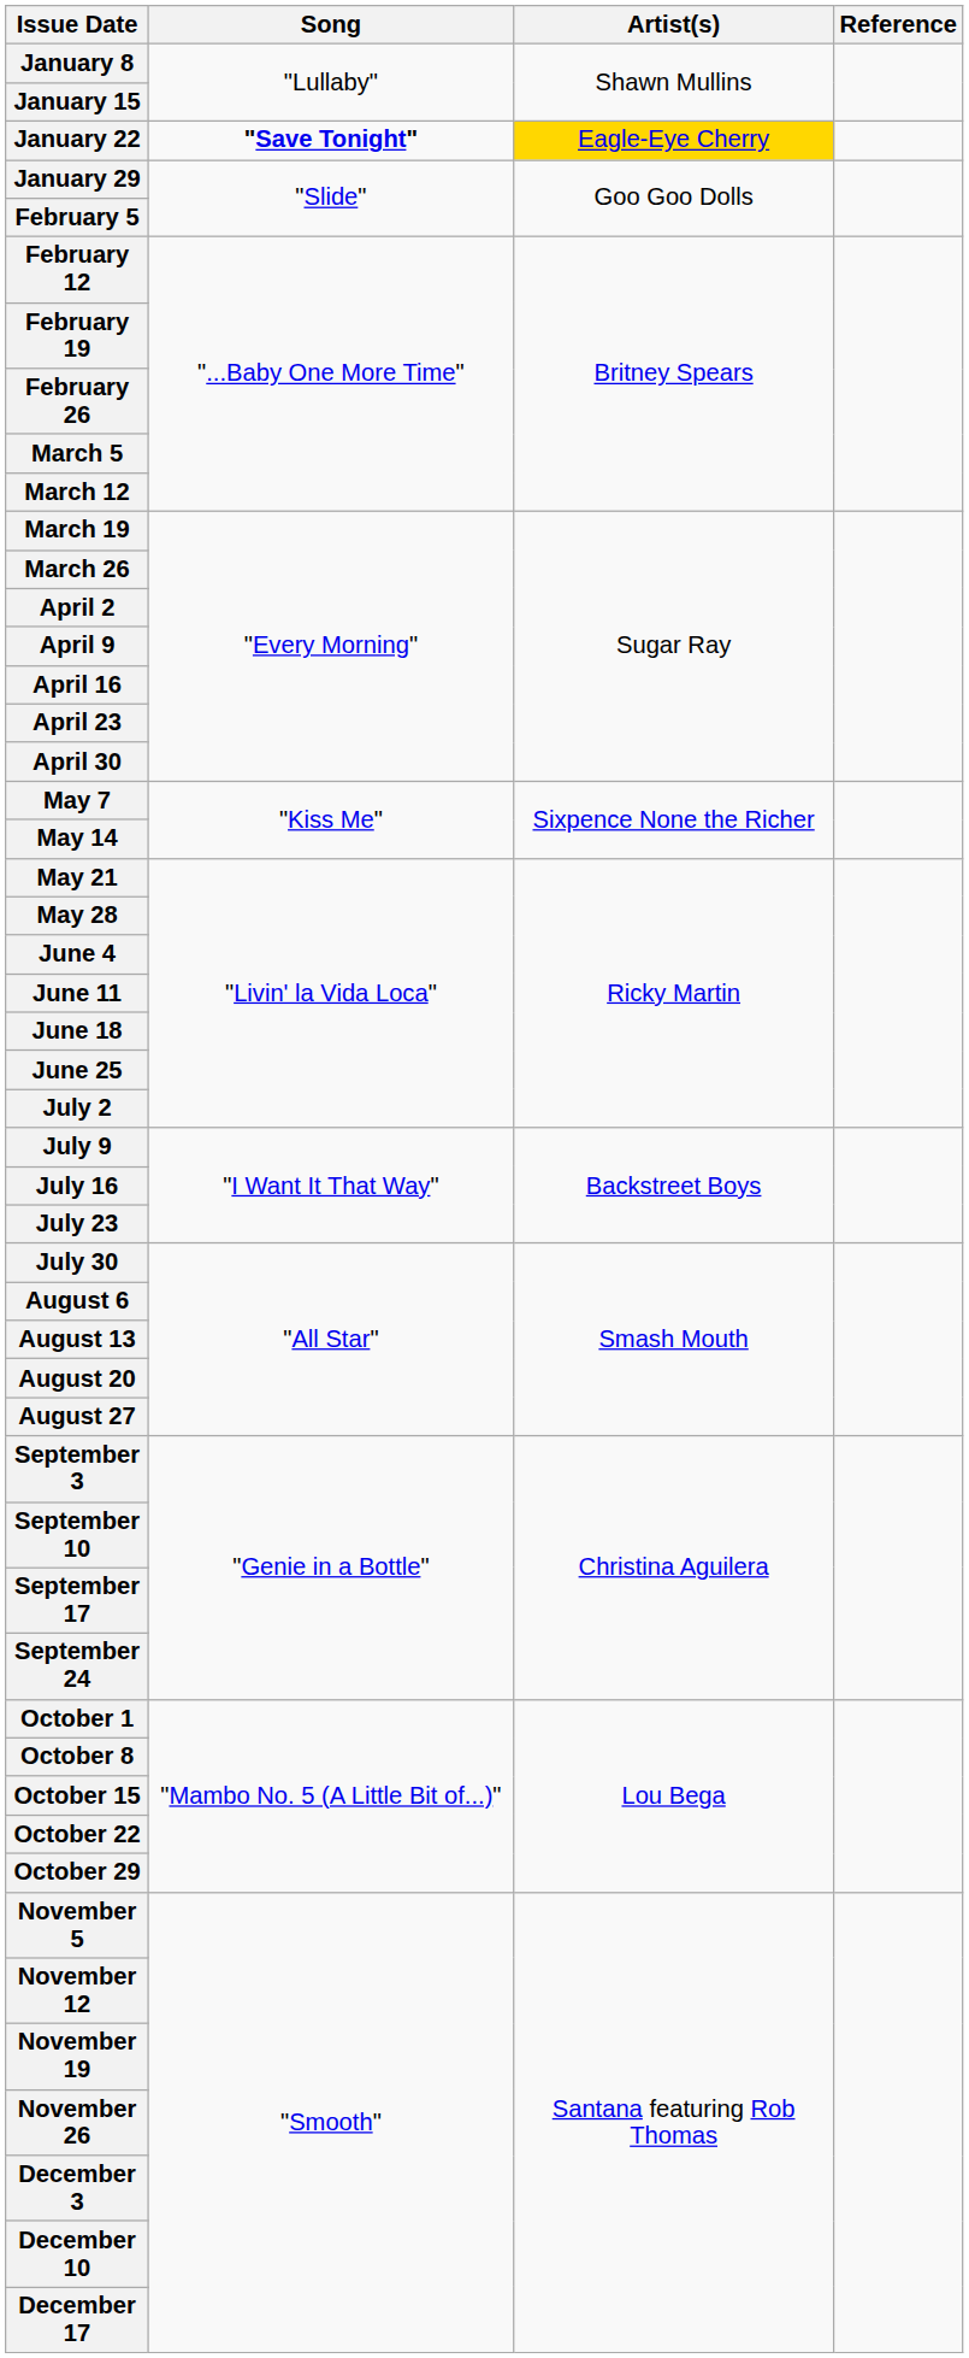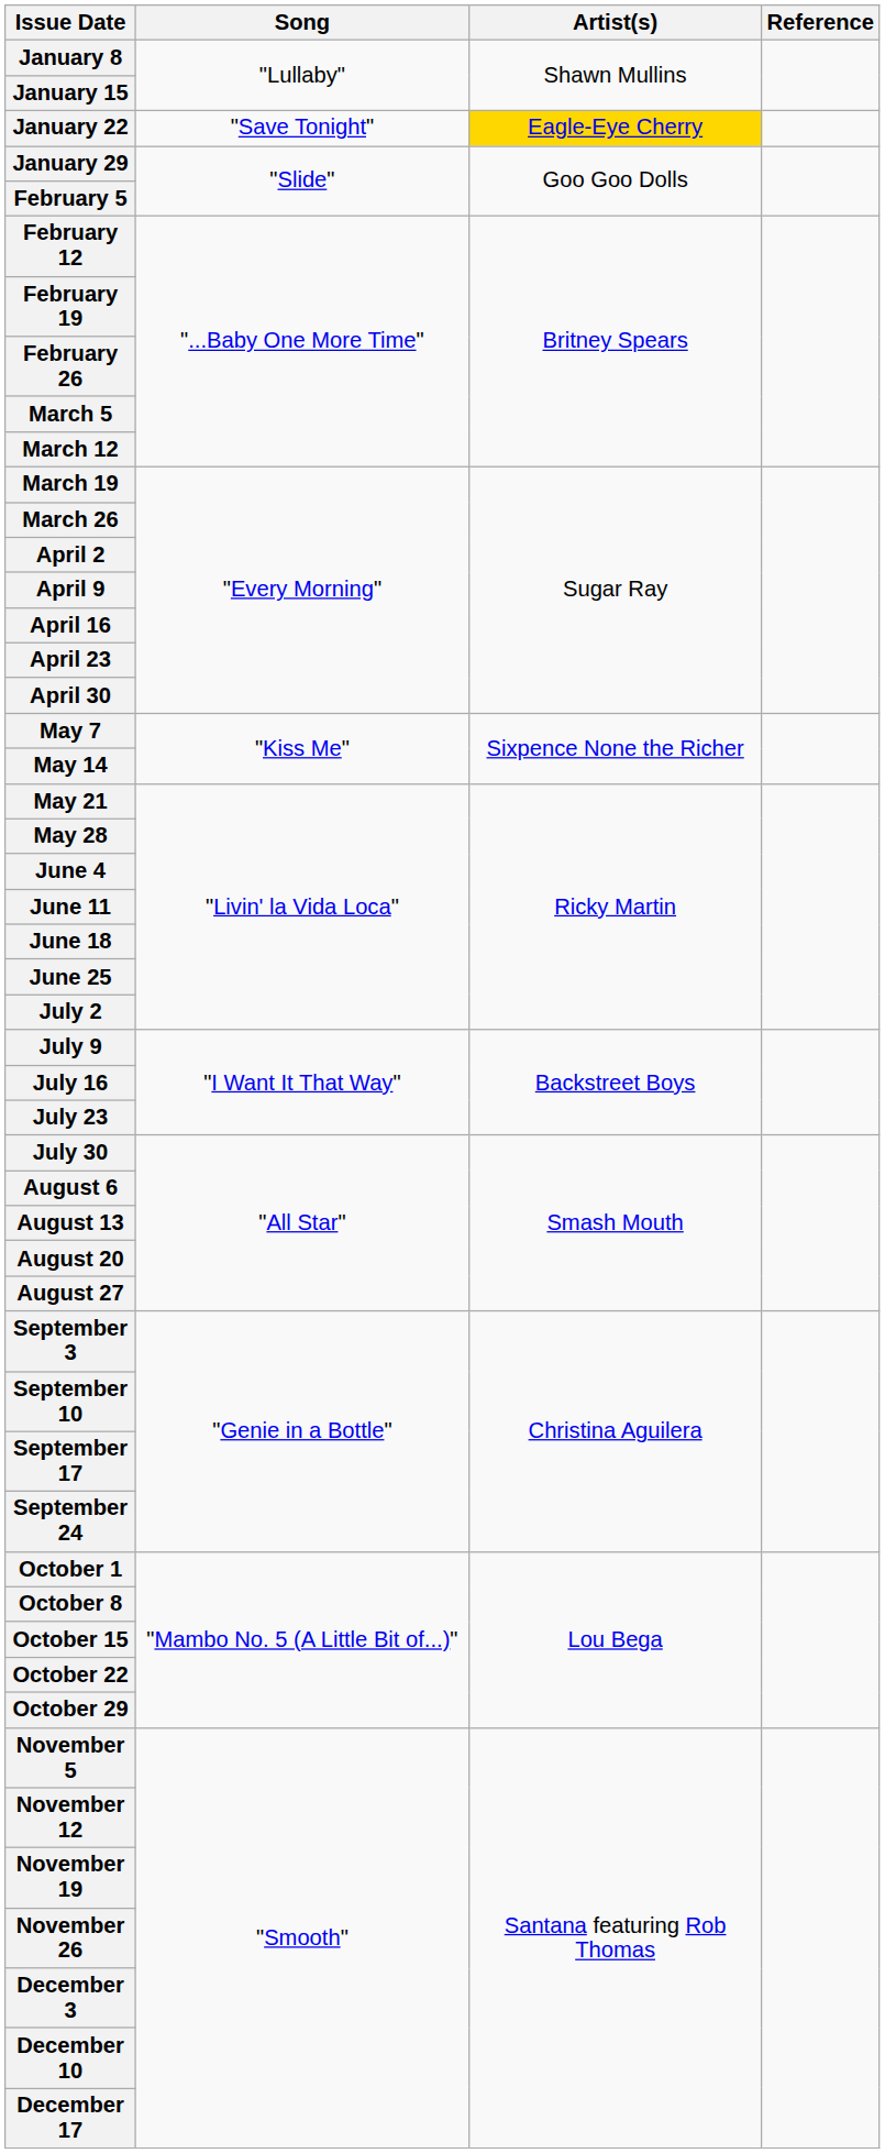 <table class="wikitable plainrowheaders" style="text-align: center" width="50%">
 <tr>
 <th width=15%>Issue Date</th>
 <th width=40%>Song</th>
 <th width=35%>Artist(s)</th>
 <th width=10%>Reference</th>
 </tr>
 <tr>
 <th scope="row">January 8</th>
 <td rowspan="2">"Lullaby"</td>
 <td rowspan="2">Shawn Mullins</td>
 <td rowspan="2"></td>
 </tr>
 <tr>
 <th scope="row">January 15</th>
 </tr>
 <tr>
 <th scope="row">January 22</th>
-<td><strong>"<a href='#'>Save Tonight</a>"</strong></td>
+<td>"<a href='#'>Save Tonight</a>"</td>
 <td style="background: gold;"><a href='#'>Eagle-Eye Cherry</a></td>
 <td></td>
 </tr>
 <tr>
 <th scope="row">January 29</th>
 <td rowspan="2">"<a href='#'>Slide</a>"</td>
 <td rowspan="2">Goo Goo Dolls</td>
 <td rowspan="2"></td>
 </tr>
 <tr>
 <th scope="row">February 5</th>
 </tr>
 <tr>
 <th scope="row">February 12</th>
 <td rowspan="5">"<a href='#'>...Baby One More Time</a>"</td>
 <td rowspan="5"><a href='#'>Britney Spears</a></td>
 <td rowspan="5"></td>
 </tr>
 <tr>
 <th scope="row">February 19</th>
 </tr>
 <tr>
 <th scope="row">February 26</th>
 </tr>
 <tr>
 <th scope="row">March 5</th>
 </tr>
 <tr>
 <th scope="row">March 12</th>
 </tr>
 <tr>
 <th scope="row">March 19</th>
 <td rowspan="7">"<a href='#'>Every Morning</a>"</td>
 <td rowspan="7">Sugar Ray</td>
 <td rowspan="7"></td>
 </tr>
 <tr>
 <th scope="row">March 26</th>
 </tr>
 <tr>
 <th scope="row">April 2</th>
 </tr>
 <tr>
 <th scope="row">April 9</th>
 </tr>
 <tr>
 <th scope="row">April 16</th>
 </tr>
 <tr>
 <th scope="row">April 23</th>
 </tr>
 <tr>
 <th scope="row">April 30</th>
 </tr>
 <tr>
 <th scope="row">May 7</th>
 <td rowspan="2">"<a href='#'>Kiss Me</a>"</td>
 <td rowspan="2"><a href='#'>Sixpence None the Richer</a></td>
 <td rowspan="2"></td>
 </tr>
 <tr>
 <th scope="row">May 14</th>
 </tr>
 <tr>
 <th scope="row">May 21</th>
 <td rowspan="7">"<a href='#'>Livin' la Vida Loca</a>"</td>
 <td rowspan="7"><a href='#'>Ricky Martin</a></td>
 <td rowspan="7"></td>
 </tr>
 <tr>
 <th scope="row">May 28</th>
 </tr>
 <tr>
 <th scope="row">June 4</th>
 </tr>
 <tr>
 <th scope="row">June 11</th>
 </tr>
 <tr>
 <th scope="row">June 18</th>
 </tr>
 <tr>
 <th scope="row">June 25</th>
 </tr>
 <tr>
 <th scope="row">July 2</th>
 </tr>
 <tr>
 <th scope="row">July 9</th>
 <td rowspan="3">"<a href='#'>I Want It That Way</a>"</td>
 <td rowspan="3"><a href='#'>Backstreet Boys</a></td>
 <td rowspan="3"></td>
 </tr>
 <tr>
 <th scope="row">July 16</th>
 </tr>
 <tr>
 <th scope="row">July 23</th>
 </tr>
 <tr>
 <th scope="row">July 30</th>
 <td rowspan="5">"<a href='#'>All Star</a>"</td>
 <td rowspan="5"><a href='#'>Smash Mouth</a></td>
 <td rowspan="5"></td>
 </tr>
 <tr>
 <th scope="row">August 6</th>
 </tr>
 <tr>
 <th scope="row">August 13</th>
 </tr>
 <tr>
 <th scope="row">August 20</th>
 </tr>
 <tr>
 <th scope="row">August 27</th>
 </tr>
 <tr>
 <th scope="row">September 3</th>
 <td rowspan="4">"<a href='#'>Genie in a Bottle</a>"</td>
 <td rowspan="4"><a href='#'>Christina Aguilera</a></td>
 <td rowspan="4"></td>
 </tr>
 <tr>
 <th scope="row">September 10</th>
 </tr>
 <tr>
 <th scope="row">September 17</th>
 </tr>
 <tr>
 <th scope="row">September 24</th>
 </tr>
 <tr>
 <th scope="row">October 1</th>
 <td rowspan="5">"<a href='#'>Mambo No. 5 (A Little Bit of...)</a>"</td>
 <td rowspan="5"><a href='#'>Lou Bega</a></td>
 <td rowspan="5"></td>
 </tr>
 <tr>
 <th scope="row">October 8</th>
 </tr>
 <tr>
 <th scope="row">October 15</th>
 </tr>
 <tr>
 <th scope="row">October 22</th>
 </tr>
 <tr>
 <th scope="row">October 29</th>
 </tr>
 <tr>
 <th scope="row">November 5</th>
 <td rowspan="7">"<a href='#'>Smooth</a>"</td>
 <td rowspan="7"><a href='#'>Santana</a> featuring <a href='#'>Rob Thomas</a></td>
 <td rowspan="7"></td>
 </tr>
 <tr>
 <th scope="row">November 12</th>
 </tr>
 <tr>
 <th scope="row">November 19</th>
 </tr>
 <tr>
 <th scope="row">November 26</th>
 </tr>
 <tr>
 <th scope="row">December 3</th>
 </tr>
 <tr>
 <th scope="row">December 10</th>
 </tr>
 <tr>
 <th scope="row">December 17</th>
 </tr>
 </table>
